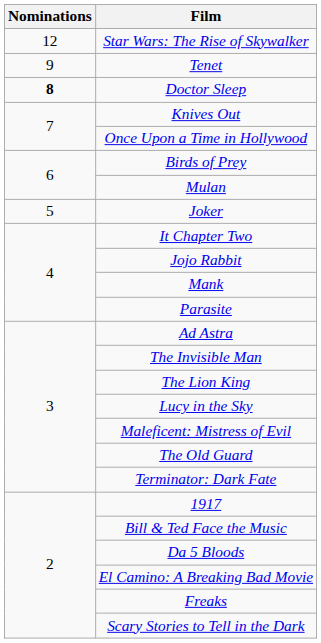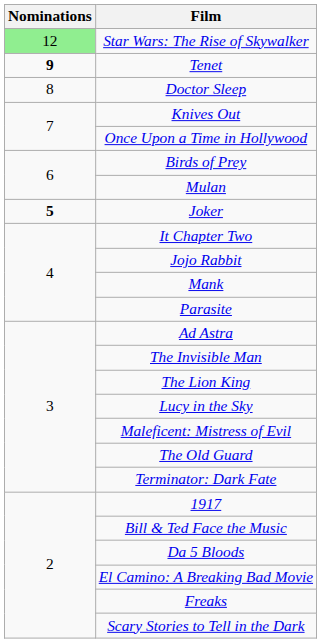 <table class="wikitable left" style="text-align: center;">
 <tr>
 <th scope="col" style="width:55px;">Nominations</th>
 <th scope="col" style="text-align:center;">Film</th>
 </tr>
 <tr>
-<td scope=row style="text-align:center">12</td>
+<td scope=row style="background: lightgreen; text-align:center">12</td>
 <td><em><a href='#'>Star Wars: The Rise of Skywalker</a></em></td>
 </tr>
 <tr>
-<td scope=row style="text-align:center">9</td>
+<td scope=row style="text-align:center"><strong>9</strong></td>
 <td><em><a href='#'>Tenet</a></em></td>
 </tr>
 <tr>
-<td scope=row style="text-align:center"><strong>8</strong></td>
+<td scope=row style="text-align:center">8</td>
 <td><em><a href='#'>Doctor Sleep</a></em></td>
 </tr>
 <tr>
 <td rowspan=2 scope=row style="text-align:center">7</td>
 <td><em><a href='#'>Knives Out</a></em></td>
 </tr>
 <tr>
 <td><em><a href='#'>Once Upon a Time in Hollywood</a></em></td>
 </tr>
 <tr>
 <td rowspan=2 scope=row style="text-align:center">6</td>
 <td><em><a href='#'>Birds of Prey</a></em></td>
 </tr>
 <tr>
 <td><em><a href='#'>Mulan</a></em></td>
 </tr>
 <tr>
-<td scope=row style="text-align:center">5</td>
+<td scope=row style="text-align:center"><strong>5</strong></td>
 <td><em><a href='#'>Joker</a></em></td>
 </tr>
 <tr>
 <td rowspan=4 scope=row style="text-align:center">4</td>
 <td><em><a href='#'>It Chapter Two</a></em></td>
 </tr>
 <tr>
 <td><em><a href='#'>Jojo Rabbit</a></em></td>
 </tr>
 <tr>
 <td><em><a href='#'>Mank</a></em></td>
 </tr>
 <tr>
 <td><em><a href='#'>Parasite</a></em></td>
 </tr>
 <tr>
 <td rowspan=7 scope=row style="text-align:center">3</td>
 <td><em><a href='#'>Ad Astra</a></em></td>
 </tr>
 <tr>
 <td><em><a href='#'>The Invisible Man</a></em></td>
 </tr>
 <tr>
 <td><em><a href='#'>The Lion King</a></em></td>
 </tr>
 <tr>
 <td><em><a href='#'>Lucy in the Sky</a></em></td>
 </tr>
 <tr>
 <td><em><a href='#'>Maleficent: Mistress of Evil</a></em></td>
 </tr>
 <tr>
 <td><em><a href='#'>The Old Guard</a></em></td>
 </tr>
 <tr>
 <td><em><a href='#'>Terminator: Dark Fate</a></em></td>
 </tr>
 <tr>
 <td rowspan=6 scope=row style="text-align:center">2</td>
 <td><em><a href='#'>1917</a></em></td>
 </tr>
 <tr>
 <td><em><a href='#'>Bill & Ted Face the Music</a></em></td>
 </tr>
 <tr>
 <td><em><a href='#'>Da 5 Bloods</a></em></td>
 </tr>
 <tr>
 <td><em><a href='#'>El Camino: A Breaking Bad Movie</a></em></td>
 </tr>
 <tr>
 <td><em><a href='#'>Freaks</a></em></td>
 </tr>
 <tr>
 <td><em><a href='#'>Scary Stories to Tell in the Dark</a></em></td>
 </tr>
 </table>
